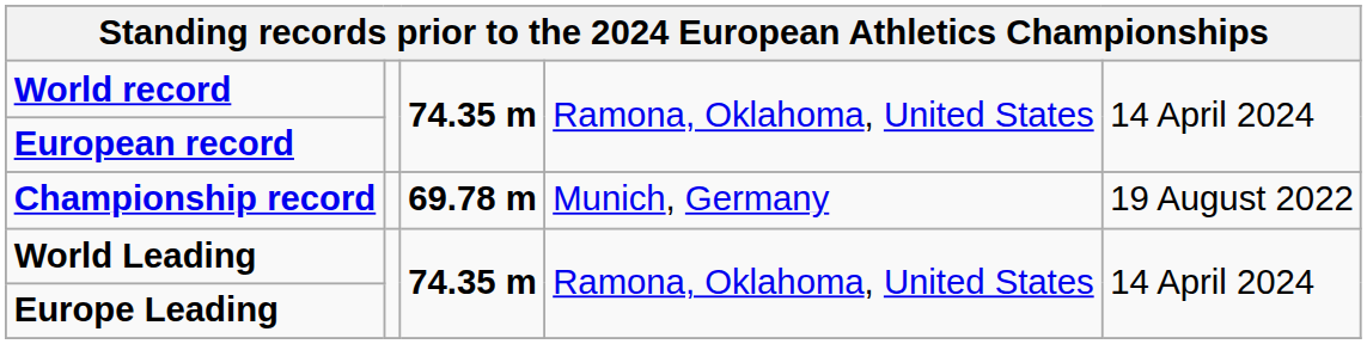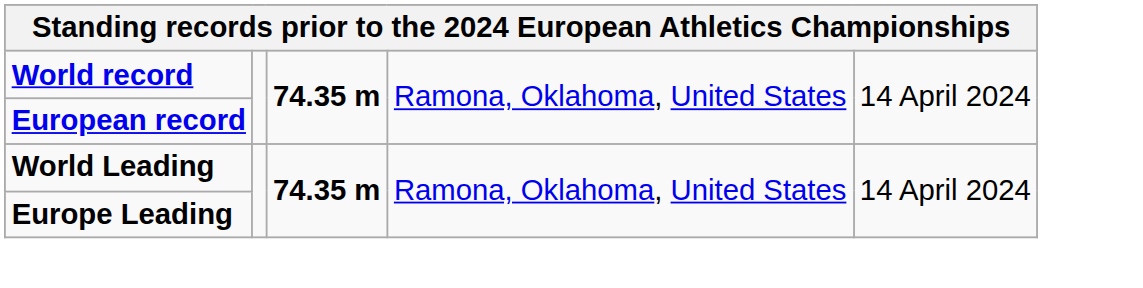 <table class="wikitable">
 <tr>
 <th colspan="5">Standing records prior to the 2024 European Athletics Championships</th>
 </tr>
 <tr>
 <td><strong><a href='#'>World record</a></strong></td>
 <td rowspan=2></td>
 <td rowspan=2><strong>74.35 m</strong></td>
 <td rowspan=2><a href='#'>Ramona, Oklahoma</a>, <a href='#'>United States</a></td>
 <td rowspan=2>14 April 2024</td>
 </tr>
 <tr>
 <td><strong><a href='#'>European record</a></strong></td>
 </tr>
 <tr>
-<td><strong><a href='#'>Championship record</a></strong></td>
-<td></td>
-<td><strong>69.78 m</strong></td>
-<td><a href='#'>Munich</a>, <a href='#'>Germany</a></td>
-<td>19 August 2022</td>
-</tr>
-<tr>
 <td><strong>World Leading</strong></td>
 <td rowspan=2></td>
 <td rowspan=2><strong>74.35 m</strong></td>
 <td rowspan=2><a href='#'>Ramona, Oklahoma</a>, <a href='#'>United States</a></td>
 <td rowspan=2>14 April 2024</td>
 </tr>
 <tr>
 <td><strong>Europe Leading</strong></td>
 </tr>
 </table>
